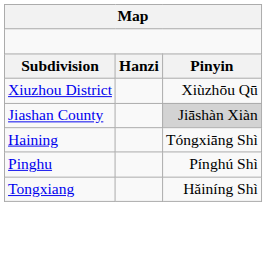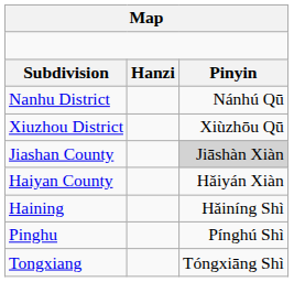 <table class="wikitable" style="font-size:100%;">
 <tr>
 <th colspan="3">Map</th>
 </tr>
 <tr>
 <td colspan="3"><div><br>          </div></td>
 </tr>
 <tr>
 <th align=left>Subdivision</th>
 <th align=left>Hanzi</th>
 <th align=left>Pinyin</th>
 </tr>
 <tr>
+<td align=left><a href='#'>Nanhu District</a></td>
+<td align=left></td>
+<td align=right>Nánhú Qū</td>
+</tr>
+<tr>
 <td align=left><a href='#'>Xiuzhou District</a></td>
 <td align=left></td>
 <td align=right>Xiùzhōu Qū</td>
 </tr>
 <tr>
 <td align=left><a href='#'>Jiashan County</a></td>
 <td align=left></td>
 <td align=right style="background: lightgrey;">Jiāshàn Xiàn</td>
 </tr>
 <tr>
+<td align=left><a href='#'>Haiyan County</a></td>
+<td align=left></td>
+<td align=right>Hǎiyán Xiàn</td>
+</tr>
+<tr>
 <td align=left><a href='#'>Haining</a></td>
 <td align=left></td>
-<td align=right>Tóngxiāng Shì</td>
+<td align=right>Hǎiníng Shì</td>
 </tr>
 <tr>
 <td align=left><a href='#'>Pinghu</a></td>
 <td align=left></td>
 <td align=right>Pínghú Shì</td>
 </tr>
 <tr>
 <td align=left><a href='#'>Tongxiang</a></td>
 <td align=left></td>
-<td align=right>Hǎiníng Shì</td>
+<td align=right>Tóngxiāng Shì</td>
 </tr>
 </table>
